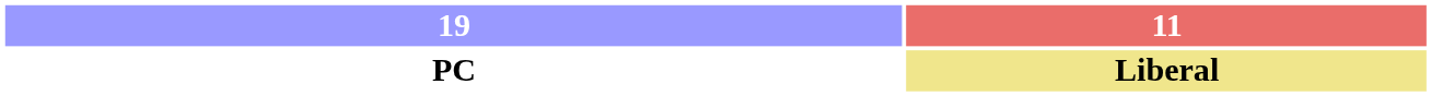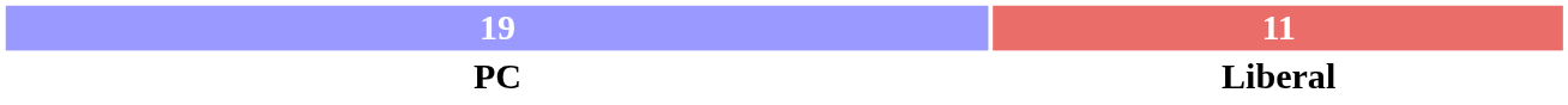 <table style="width:55%; text-align:center;">
 <tr style="color:white;">
 <td style="background:#9999FF; width:63.33%;"><strong>19</strong></td>
 <td style="background:#EA6D6A; width:36.67%;"><strong>11</strong></td>
 </tr>
 <tr>
 <td><span><strong>PC</strong></span></td>
-<td style="background: khaki;"><span><strong>Liberal</strong></span></td>
+<td><span><strong>Liberal</strong></span></td>
 </tr>
 </table>
